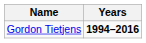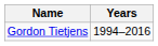 <table class="sortable wikitable" style="text-align: center;">
 <tr>
 <th>Name</th>
 <th>Years</th>
 </tr>
 <tr>
 <td align="left"><a href='#'>Gordon Tietjens</a></td>
-<td><strong>1994–2016</strong></td>
+<td>1994–2016</td>
 </tr>
 </table>
